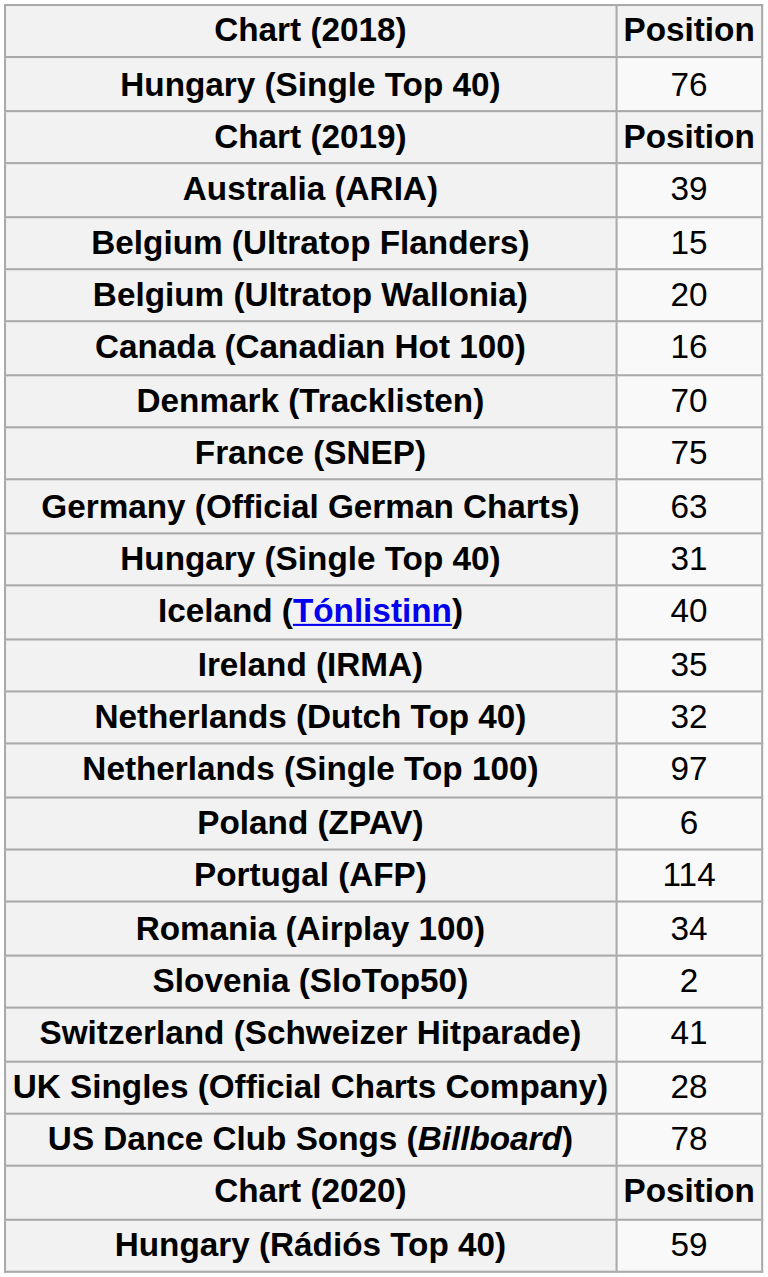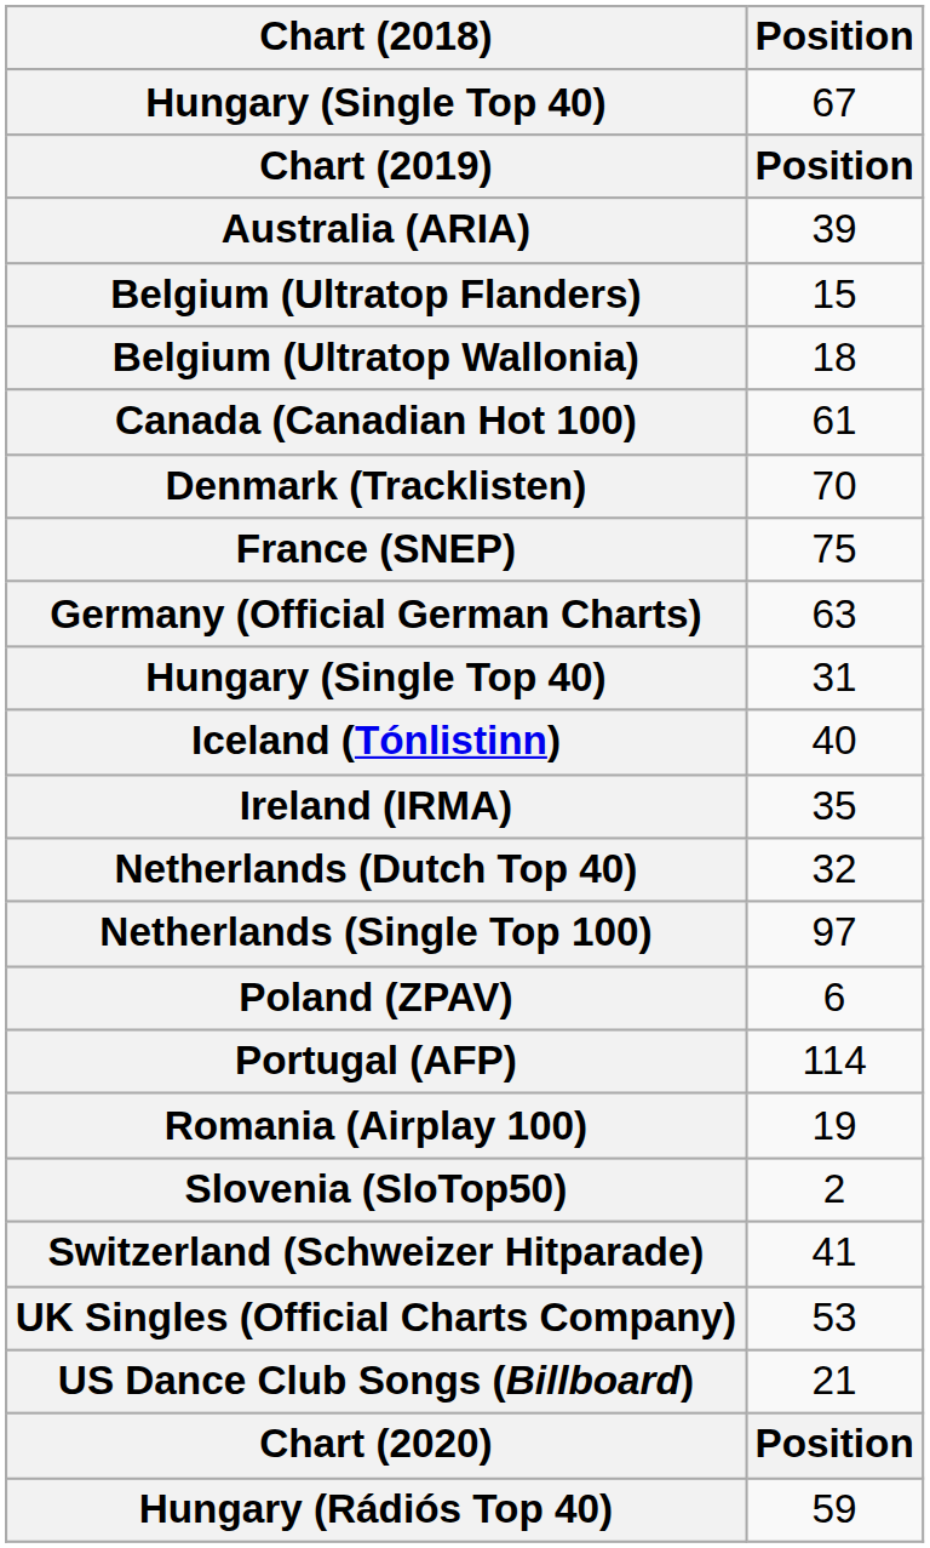 <table class="wikitable plainrowheaders" style="text-align:center">
 <tr>
 <th scope="col">Chart (2018)</th>
 <th scope="col">Position</th>
 </tr>
 <tr>
 <th scope="row">Hungary (Single Top 40)</th>
-<td>76</td>
+<td>67</td>
 </tr>
 <tr>
 <th scope="col">Chart (2019)</th>
 <th scope="col">Position</th>
 </tr>
 <tr>
 <th scope="row">Australia (ARIA)</th>
 <td>39</td>
 </tr>
 <tr>
 <th scope="row">Belgium (Ultratop Flanders)</th>
 <td>15</td>
 </tr>
 <tr>
 <th scope="row">Belgium (Ultratop Wallonia)</th>
-<td>20</td>
+<td>18</td>
 </tr>
 <tr>
 <th scope="row">Canada (Canadian Hot 100)</th>
-<td>16</td>
+<td>61</td>
 </tr>
 <tr>
 <th scope="row">Denmark (Tracklisten)</th>
 <td>70</td>
 </tr>
 <tr>
 <th scope="row">France (SNEP)</th>
 <td>75</td>
 </tr>
 <tr>
 <th scope="row">Germany (Official German Charts)</th>
 <td>63</td>
 </tr>
 <tr>
 <th scope="row">Hungary (Single Top 40)</th>
 <td>31</td>
 </tr>
 <tr>
 <th scope="row">Iceland (<a href='#'>Tónlistinn</a>)</th>
 <td>40</td>
 </tr>
 <tr>
 <th scope="row">Ireland (IRMA)</th>
 <td>35</td>
 </tr>
 <tr>
 <th scope="row">Netherlands (Dutch Top 40)</th>
 <td>32</td>
 </tr>
 <tr>
 <th scope="row">Netherlands (Single Top 100)</th>
 <td>97</td>
 </tr>
 <tr>
 <th scope="row">Poland (ZPAV)</th>
 <td>6</td>
 </tr>
 <tr>
 <th scope="row">Portugal (AFP)</th>
 <td>114</td>
 </tr>
 <tr>
 <th scope="row">Romania (Airplay 100)</th>
-<td>34</td>
+<td>19</td>
 </tr>
 <tr>
 <th scope="row">Slovenia (SloTop50)</th>
 <td>2</td>
 </tr>
 <tr>
 <th scope="row">Switzerland (Schweizer Hitparade)</th>
 <td>41</td>
 </tr>
 <tr>
 <th scope="row">UK Singles (Official Charts Company)</th>
-<td>28</td>
+<td>53</td>
 </tr>
 <tr>
 <th scope="row">US Dance Club Songs (<em>Billboard</em>)</th>
-<td>78</td>
+<td>21</td>
 </tr>
 <tr>
 <th scope="col">Chart (2020)</th>
 <th scope="col">Position</th>
 </tr>
 <tr>
 <th scope="row">Hungary (Rádiós Top 40)</th>
 <td>59</td>
 </tr>
 </table>
